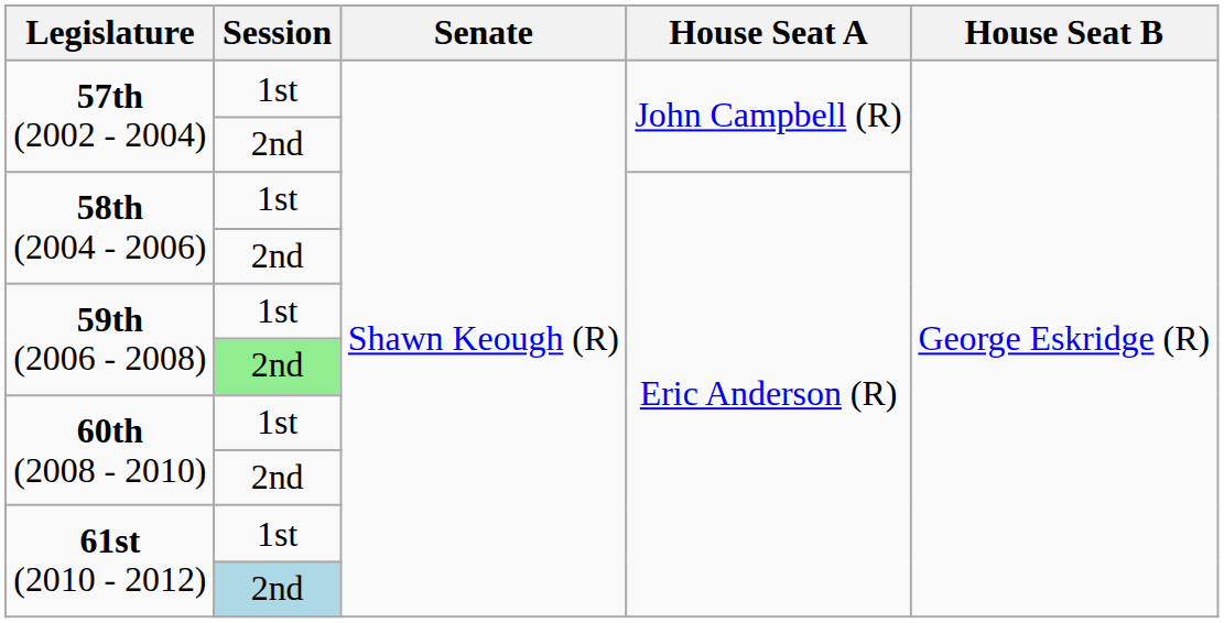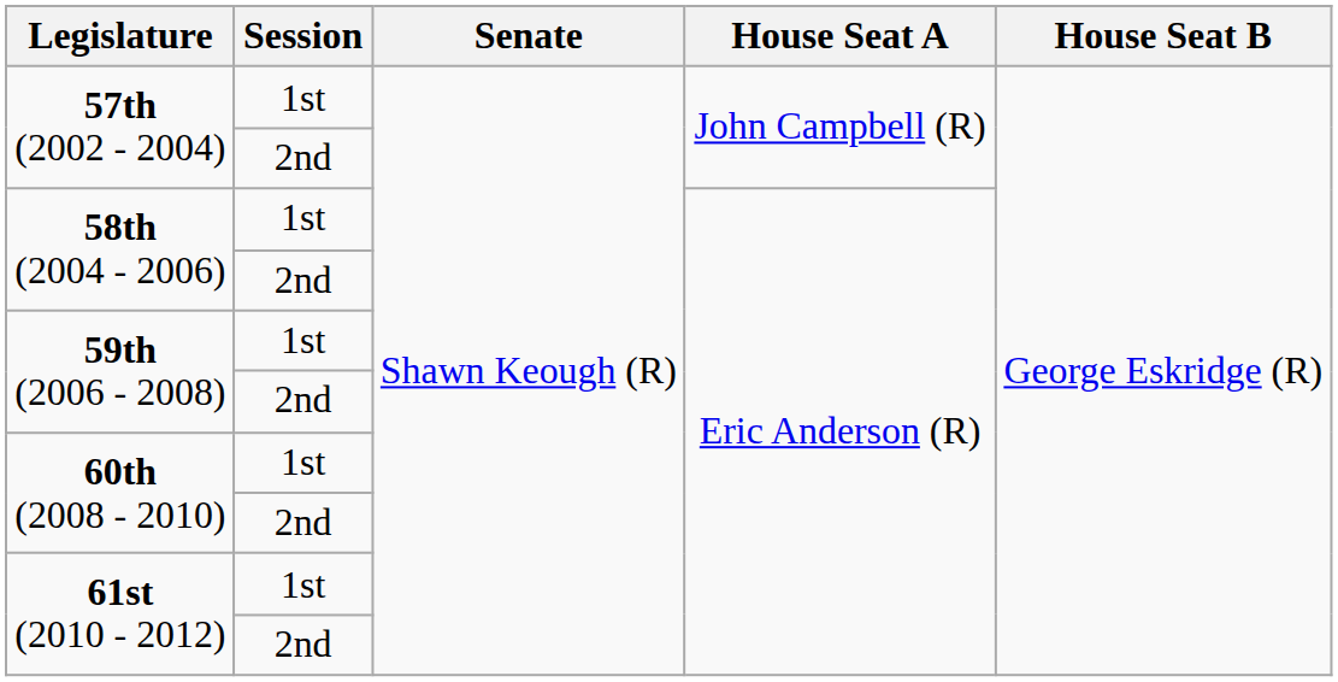 <table class=wikitable style="text-align:center">
 <tr>
 <th>Legislature</th>
 <th>Session</th>
 <th>Senate</th>
 <th>House Seat A</th>
 <th>House Seat B</th>
 </tr>
 <tr>
 <td rowspan="2"><strong>57th</strong> <br> (2002 - 2004)</td>
 <td>1st</td>
 <td rowspan="10" ><a href='#'>Shawn Keough</a> (R)</td>
 <td rowspan="2" ><a href='#'>John Campbell</a> (R)</td>
 <td rowspan="10" ><a href='#'>George Eskridge</a> (R)</td>
 </tr>
 <tr>
 <td>2nd</td>
 </tr>
 <tr>
 <td rowspan="2"><strong>58th</strong> <br> (2004 - 2006)</td>
 <td>1st</td>
 <td rowspan="8" ><a href='#'>Eric Anderson</a> (R)</td>
 </tr>
 <tr>
 <td>2nd</td>
 </tr>
 <tr>
 <td rowspan="2"><strong>59th</strong> <br> (2006 - 2008)</td>
 <td>1st</td>
 </tr>
 <tr>
-<td style="background: lightgreen;">2nd</td>
+<td>2nd</td>
 </tr>
 <tr>
 <td rowspan="2"><strong>60th</strong> <br> (2008 - 2010)</td>
 <td>1st</td>
 </tr>
 <tr>
 <td>2nd</td>
 </tr>
 <tr>
 <td rowspan="2"><strong>61st</strong> <br> (2010 - 2012)</td>
 <td>1st</td>
 </tr>
 <tr>
-<td style="background: lightblue;">2nd</td>
+<td>2nd</td>
 </tr>
 </table>
